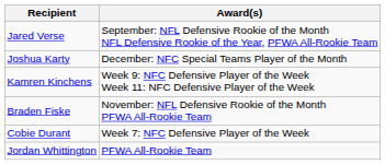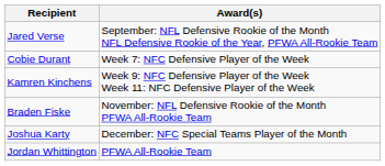 <table class="wikitable">
 <tr>
 <th>Recipient</th>
 <th>Award(s)</th>
 </tr>
 <tr>
 <td><a href='#'>Jared Verse</a></td>
 <td>September: <a href='#'>NFL</a> Defensive Rookie of the Month<br><a href='#'>NFL Defensive Rookie of the Year</a>, <a href='#'>PFWA All-Rookie Team</a></td>
 </tr>
 <tr>
-<td><a href='#'>Joshua Karty</a></td>
-<td>December: <a href='#'>NFC</a> Special Teams Player of the Month</td>
+<td><a href='#'>Cobie Durant</a></td>
+<td>Week 7: <a href='#'>NFC</a> Defensive Player of the Week</td>
 </tr>
 <tr>
 <td><a href='#'>Kamren Kinchens</a></td>
 <td>Week 9: <a href='#'>NFC</a> Defensive Player of the Week<br>Week 11: NFC Defensive Player of the Week</td>
 </tr>
 <tr>
 <td><a href='#'>Braden Fiske</a></td>
 <td>November: <a href='#'>NFL</a> Defensive Rookie of the Month<br><a href='#'>PFWA All-Rookie Team</a></td>
 </tr>
 <tr>
-<td><a href='#'>Cobie Durant</a></td>
-<td>Week 7: <a href='#'>NFC</a> Defensive Player of the Week</td>
+<td><a href='#'>Joshua Karty</a></td>
+<td>December: <a href='#'>NFC</a> Special Teams Player of the Month</td>
 </tr>
 <tr>
 <td><a href='#'>Jordan Whittington</a></td>
 <td><a href='#'>PFWA All-Rookie Team</a></td>
 </tr>
 </table>
